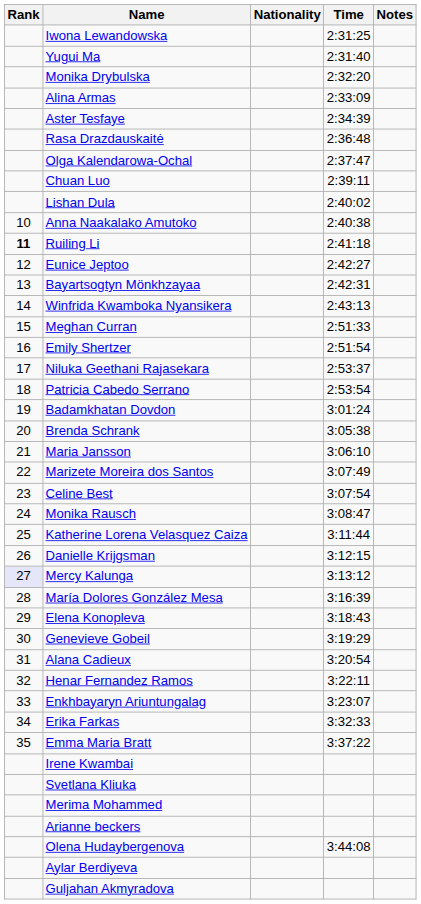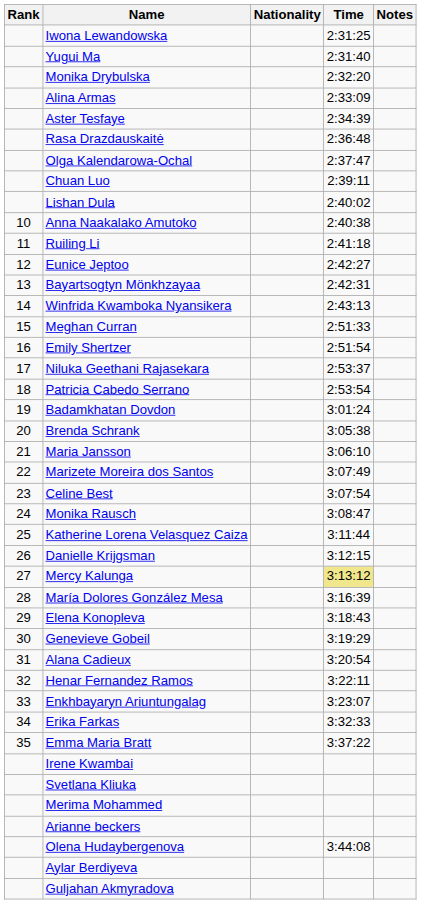 <table class="wikitable sortable" style="text-align:center">
 <tr>
 <th>Rank</th>
 <th>Name</th>
 <th>Nationality</th>
 <th>Time</th>
 <th>Notes</th>
 </tr>
 <tr>
 <td></td>
 <td align=left><a href='#'>Iwona Lewandowska</a></td>
 <td align=left></td>
 <td>2:31:25</td>
 <td></td>
 </tr>
 <tr>
 <td></td>
 <td align=left><a href='#'>Yugui Ma</a></td>
 <td align=left></td>
 <td>2:31:40</td>
 <td></td>
 </tr>
 <tr>
 <td></td>
 <td align=left><a href='#'>Monika Drybulska</a></td>
 <td align=left></td>
 <td>2:32:20</td>
 <td></td>
 </tr>
 <tr>
 <td></td>
 <td align=left><a href='#'>Alina Armas</a></td>
 <td align=left></td>
 <td>2:33:09</td>
 <td></td>
 </tr>
 <tr>
 <td></td>
 <td align=left><a href='#'>Aster Tesfaye</a></td>
 <td align=left></td>
 <td>2:34:39</td>
 <td></td>
 </tr>
 <tr>
 <td></td>
 <td align=left><a href='#'>Rasa Drazdauskaitė</a></td>
 <td align=left></td>
 <td>2:36:48</td>
 <td></td>
 </tr>
 <tr>
 <td></td>
 <td align=left><a href='#'>Olga Kalendarowa-Ochal</a></td>
 <td align=left></td>
 <td>2:37:47</td>
 <td></td>
 </tr>
 <tr>
 <td></td>
 <td align=left><a href='#'>Chuan Luo</a></td>
 <td align=left></td>
 <td>2:39:11</td>
 <td></td>
 </tr>
 <tr>
 <td></td>
 <td align=left><a href='#'>Lishan Dula</a></td>
 <td align=left></td>
 <td>2:40:02</td>
 <td></td>
 </tr>
 <tr>
 <td>10</td>
 <td align=left><a href='#'>Anna Naakalako Amutoko</a></td>
 <td align=left></td>
 <td>2:40:38</td>
 <td></td>
 </tr>
 <tr>
-<td><strong>11</strong></td>
+<td>11</td>
 <td align=left><a href='#'>Ruiling Li</a></td>
 <td align=left></td>
 <td>2:41:18</td>
 <td></td>
 </tr>
 <tr>
 <td>12</td>
 <td align=left><a href='#'>Eunice Jeptoo</a></td>
 <td align=left></td>
 <td>2:42:27</td>
 <td></td>
 </tr>
 <tr>
 <td>13</td>
 <td align=left><a href='#'>Bayartsogtyn Mönkhzayaa</a></td>
 <td align=left></td>
 <td>2:42:31</td>
 <td></td>
 </tr>
 <tr>
 <td>14</td>
 <td align=left><a href='#'>Winfrida Kwamboka Nyansikera</a></td>
 <td align=left></td>
 <td>2:43:13</td>
 <td></td>
 </tr>
 <tr>
 <td>15</td>
 <td align=left><a href='#'>Meghan Curran</a></td>
 <td align=left></td>
 <td>2:51:33</td>
 <td></td>
 </tr>
 <tr>
 <td>16</td>
 <td align=left><a href='#'>Emily Shertzer</a></td>
 <td align=left></td>
 <td>2:51:54</td>
 <td></td>
 </tr>
 <tr>
 <td>17</td>
 <td align=left><a href='#'>Niluka Geethani Rajasekara</a></td>
 <td align=left></td>
 <td>2:53:37</td>
 <td></td>
 </tr>
 <tr>
 <td>18</td>
 <td align=left><a href='#'>Patricia Cabedo Serrano</a></td>
 <td align=left></td>
 <td>2:53:54</td>
 <td></td>
 </tr>
 <tr>
 <td>19</td>
 <td align=left><a href='#'>Badamkhatan Dovdon</a></td>
 <td align=left></td>
 <td>3:01:24</td>
 <td></td>
 </tr>
 <tr>
 <td>20</td>
 <td align=left><a href='#'>Brenda Schrank</a></td>
 <td align=left></td>
 <td>3:05:38</td>
 <td></td>
 </tr>
 <tr>
 <td>21</td>
 <td align=left><a href='#'>Maria Jansson</a></td>
 <td align=left></td>
 <td>3:06:10</td>
 <td></td>
 </tr>
 <tr>
 <td>22</td>
 <td align=left><a href='#'>Marizete Moreira dos Santos</a></td>
 <td align=left></td>
 <td>3:07:49</td>
 <td></td>
 </tr>
 <tr>
 <td>23</td>
 <td align=left><a href='#'>Celine Best</a></td>
 <td align=left></td>
 <td>3:07:54</td>
 <td></td>
 </tr>
 <tr>
 <td>24</td>
 <td align=left><a href='#'>Monika Rausch</a></td>
 <td align=left></td>
 <td>3:08:47</td>
 <td></td>
 </tr>
 <tr>
 <td>25</td>
 <td align=left><a href='#'>Katherine Lorena Velasquez Caiza</a></td>
 <td align=left></td>
 <td>3:11:44</td>
 <td></td>
 </tr>
 <tr>
 <td>26</td>
 <td align=left><a href='#'>Danielle Krijgsman</a></td>
 <td align=left></td>
 <td>3:12:15</td>
 <td></td>
 </tr>
 <tr>
-<td style="background: lavender;">27</td>
+<td>27</td>
 <td align=left><a href='#'>Mercy Kalunga</a></td>
 <td align=left></td>
-<td>3:13:12</td>
+<td style="background: khaki;">3:13:12</td>
 <td></td>
 </tr>
 <tr>
 <td>28</td>
 <td align=left><a href='#'>María Dolores González Mesa</a></td>
 <td align=left></td>
 <td>3:16:39</td>
 <td></td>
 </tr>
 <tr>
 <td>29</td>
 <td align=left><a href='#'>Elena Konopleva</a></td>
 <td align=left></td>
 <td>3:18:43</td>
 <td></td>
 </tr>
 <tr>
 <td>30</td>
 <td align=left><a href='#'>Genevieve Gobeil</a></td>
 <td align=left></td>
 <td>3:19:29</td>
 <td></td>
 </tr>
 <tr>
 <td>31</td>
 <td align=left><a href='#'>Alana Cadieux</a></td>
 <td align=left></td>
 <td>3:20:54</td>
 <td></td>
 </tr>
 <tr>
 <td>32</td>
 <td align=left><a href='#'>Henar Fernandez Ramos</a></td>
 <td align=left></td>
 <td>3:22:11</td>
 <td></td>
 </tr>
 <tr>
 <td>33</td>
 <td align=left><a href='#'>Enkhbayaryn Ariuntungalag</a></td>
 <td align=left></td>
 <td>3:23:07</td>
 <td></td>
 </tr>
 <tr>
 <td>34</td>
 <td align=left><a href='#'>Erika Farkas</a></td>
 <td align=left></td>
 <td>3:32:33</td>
 <td></td>
 </tr>
 <tr>
 <td>35</td>
 <td align=left><a href='#'>Emma Maria Bratt</a></td>
 <td align=left></td>
 <td>3:37:22</td>
 <td></td>
 </tr>
 <tr>
 <td></td>
 <td align=left><a href='#'>Irene Kwambai</a></td>
 <td align=left></td>
 <td></td>
 <td></td>
 </tr>
 <tr>
 <td></td>
 <td align=left><a href='#'>Svetlana Kliuka</a></td>
 <td align=left></td>
 <td></td>
 <td></td>
 </tr>
 <tr>
 <td></td>
 <td align=left><a href='#'>Merima Mohammed</a></td>
 <td align=left></td>
 <td></td>
 <td></td>
 </tr>
 <tr>
 <td></td>
 <td align=left><a href='#'>Arianne beckers</a></td>
 <td align=left></td>
 <td></td>
 <td></td>
 </tr>
 <tr>
 <td></td>
 <td align=left><a href='#'>Olena Hudaybergenova</a></td>
 <td align=left></td>
 <td>3:44:08</td>
 <td></td>
 </tr>
 <tr>
 <td></td>
 <td align=left><a href='#'>Aylar Berdiyeva</a></td>
 <td align=left></td>
 <td></td>
 <td></td>
 </tr>
 <tr>
 <td></td>
 <td align=left><a href='#'>Guljahan Akmyradova</a></td>
 <td align=left></td>
 <td></td>
 <td></td>
 </tr>
 </table>
